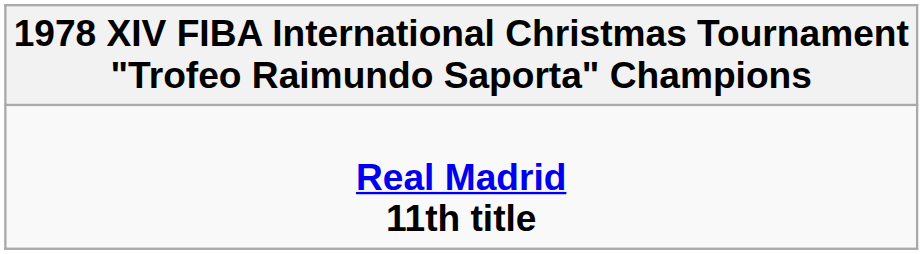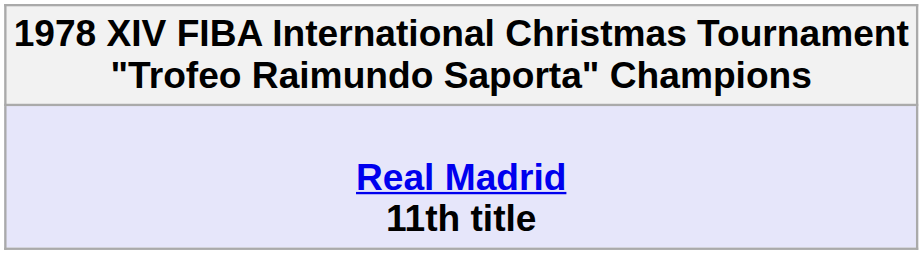 <table class=wikitable style="text-align:center; margin:auto">
 <tr>
 <th>1978 XIV FIBA International Christmas Tournament<br>"Trofeo Raimundo Saporta" Champions</th>
 </tr>
 <tr>
-<td><br><strong><a href='#'>Real Madrid</a></strong><br><strong>11th title</strong></td>
+<td style="background: lavender;"><br><strong><a href='#'>Real Madrid</a></strong><br><strong>11th title</strong></td>
 </tr>
 </table>
